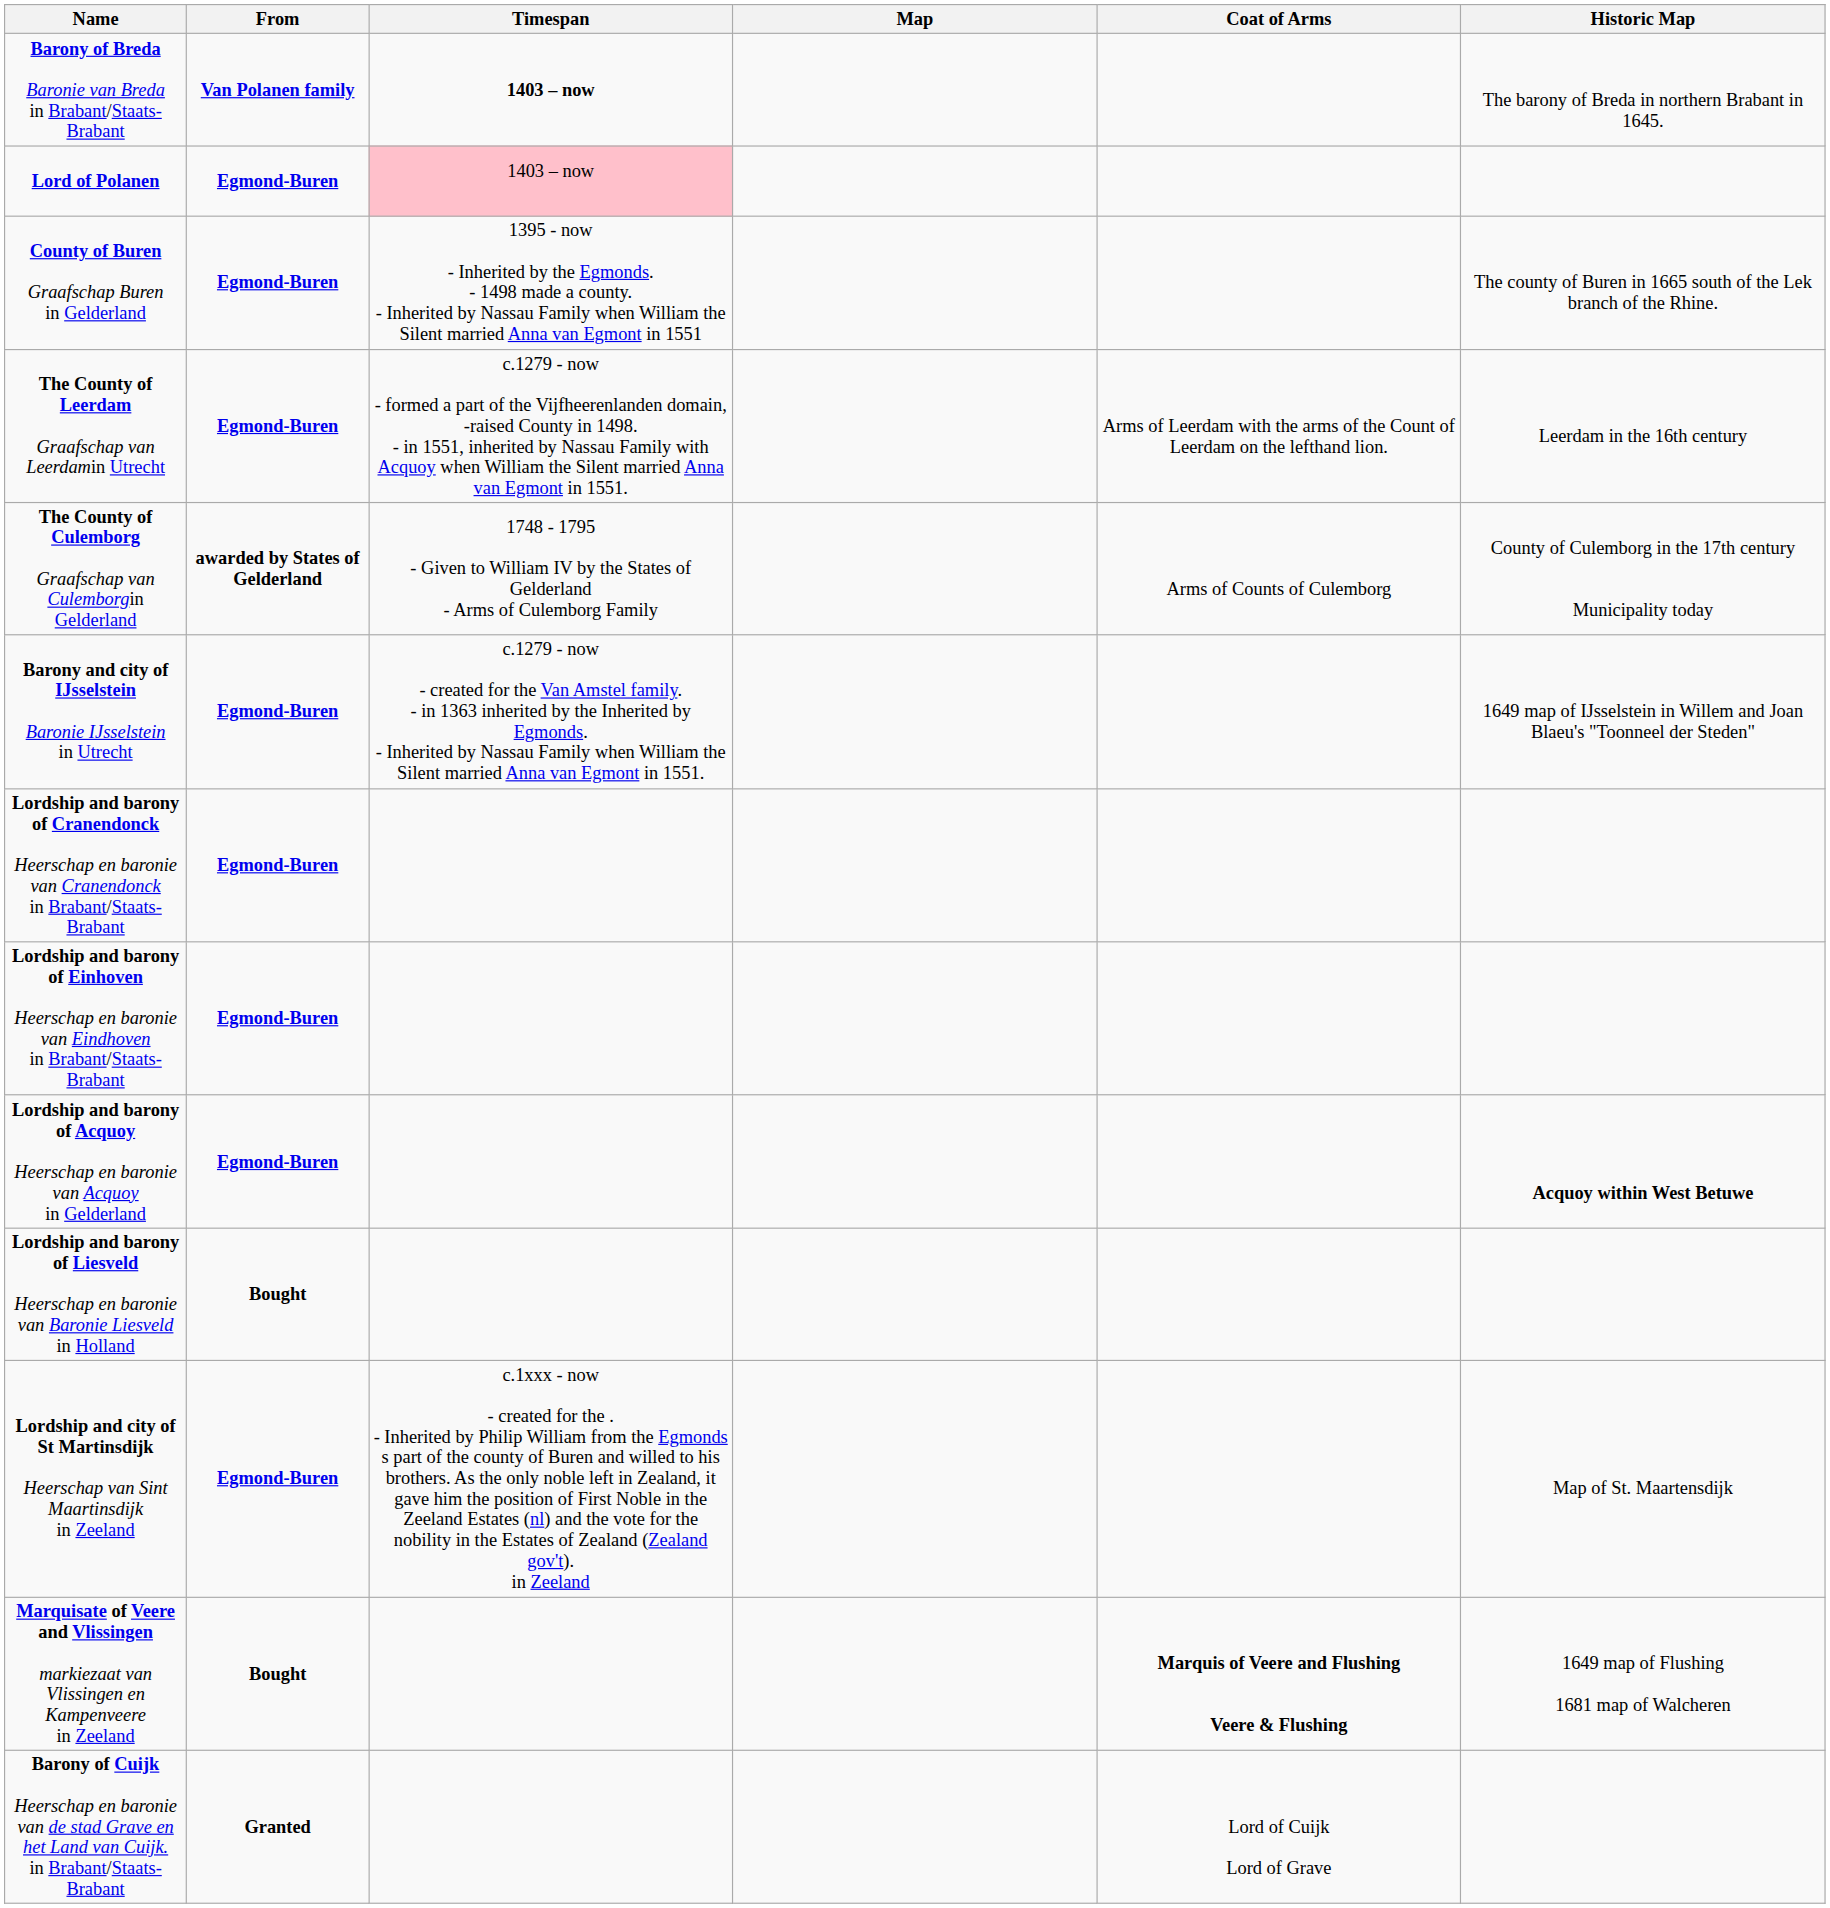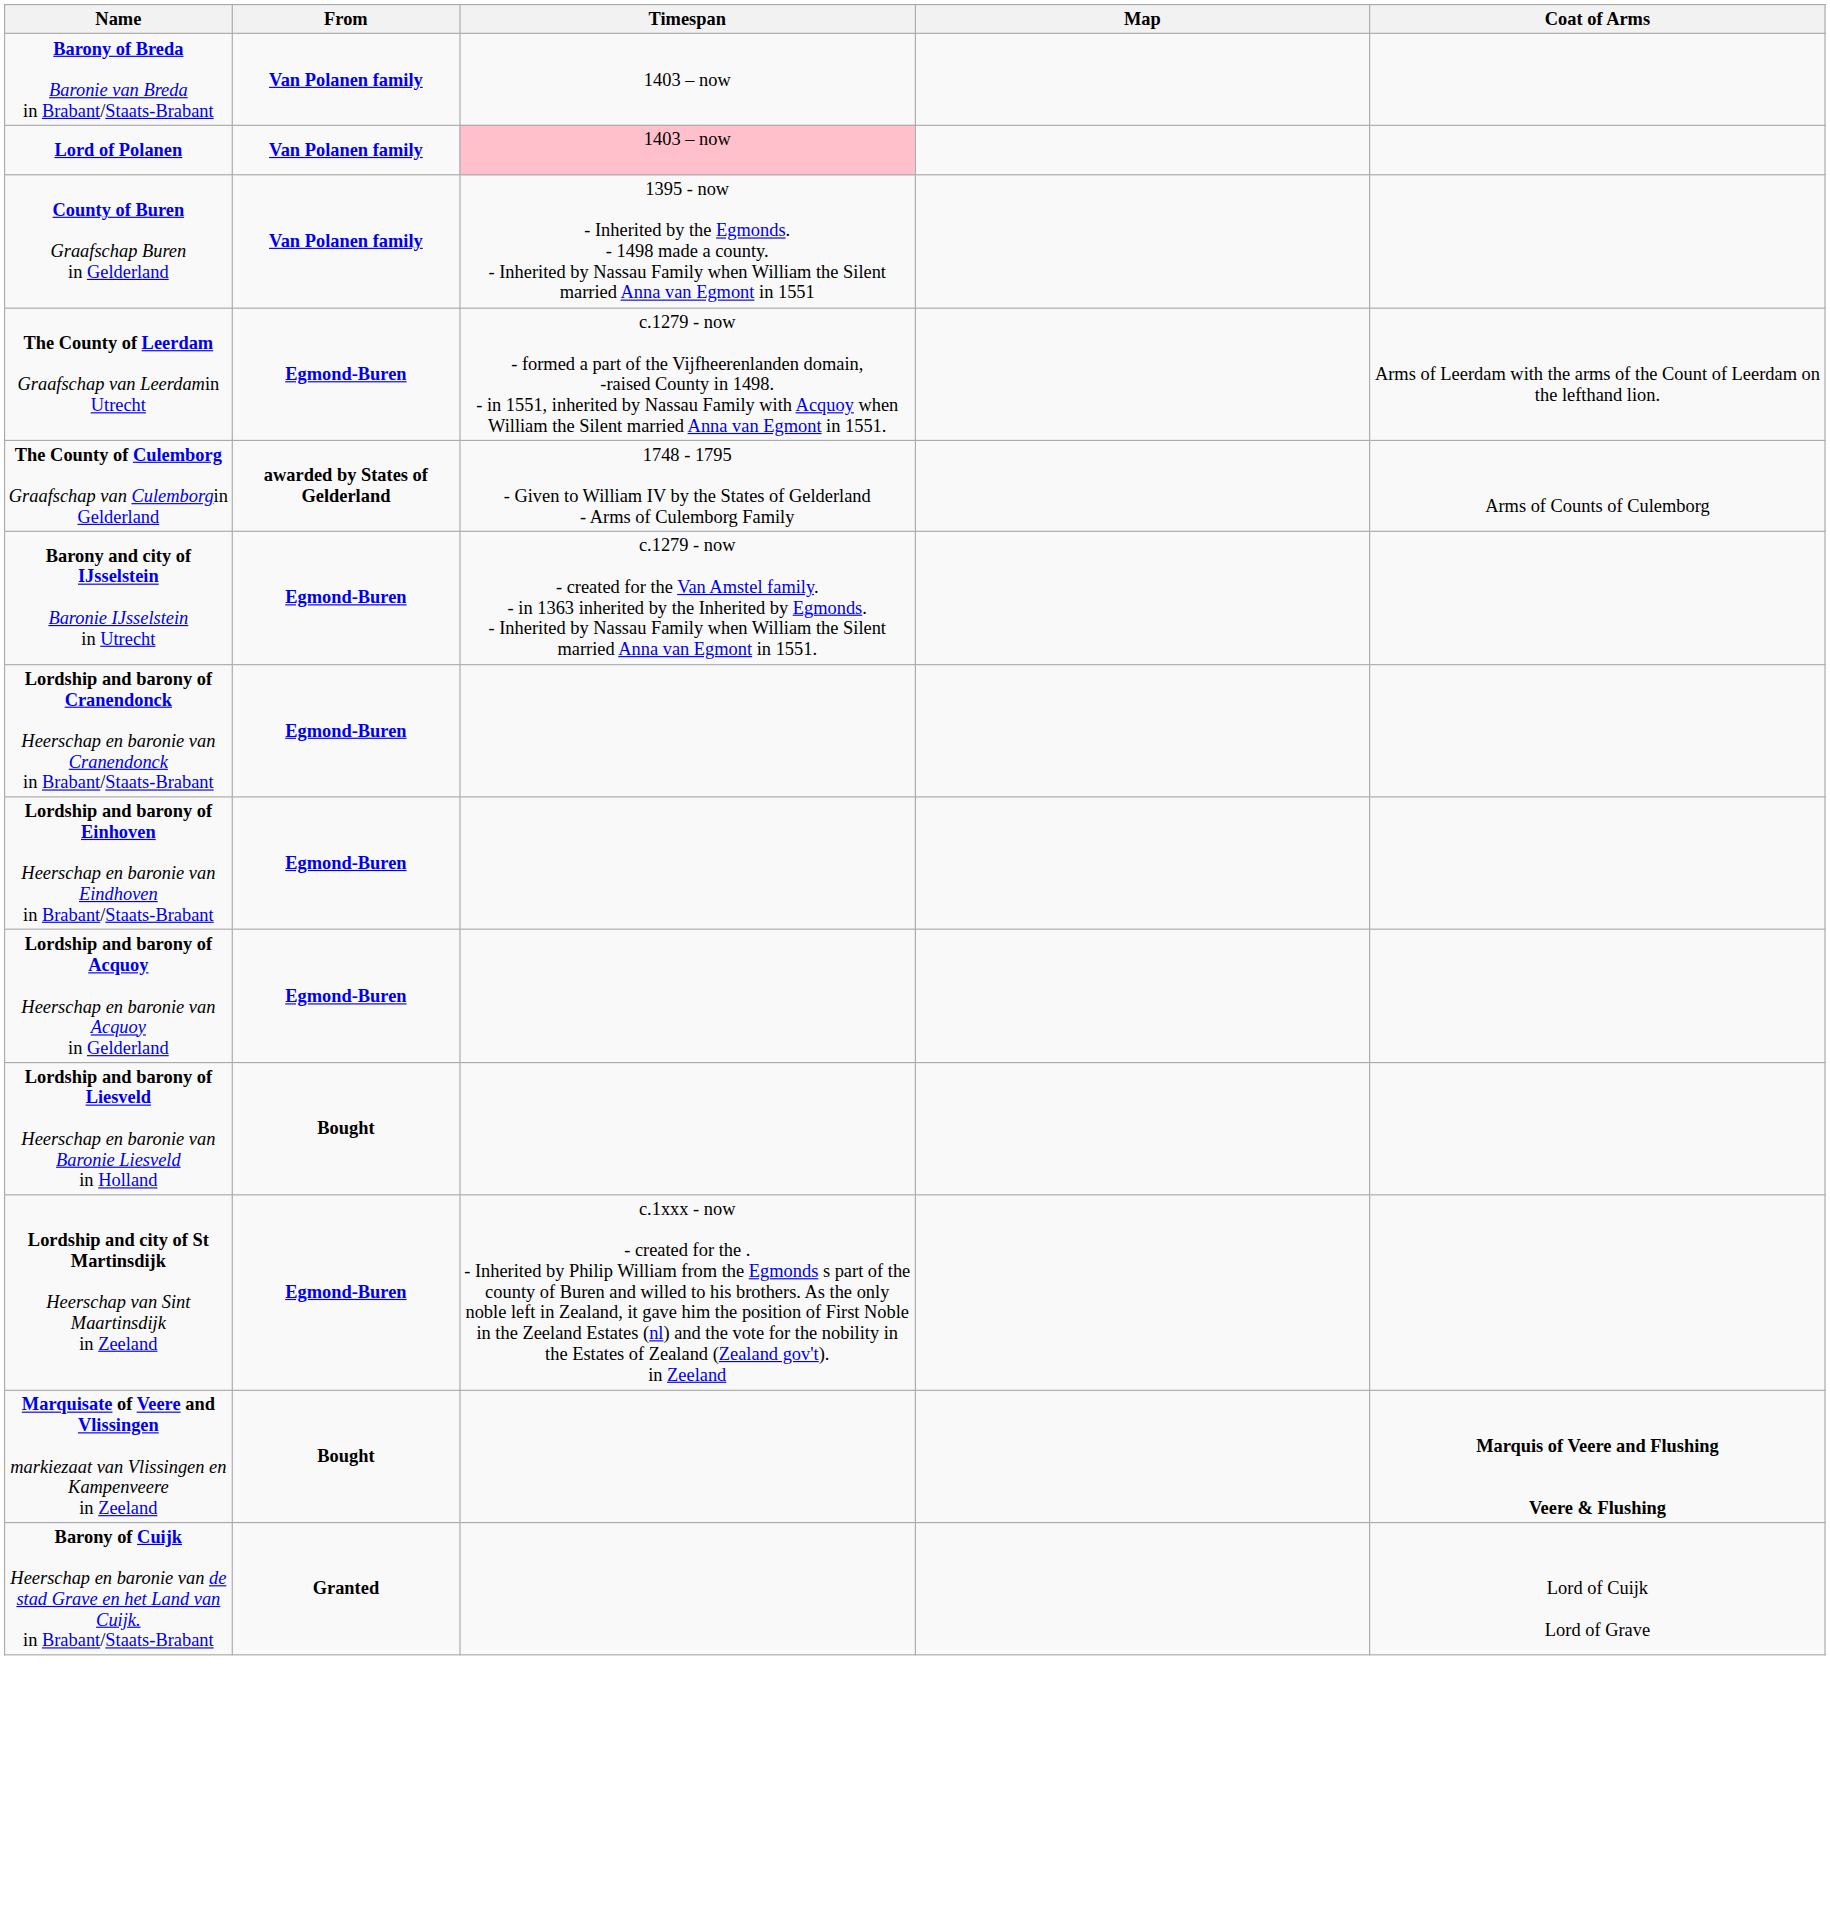 <table class="wikitable" style="text-align:center; width:100%">
 <tr>
 <th width=10%>Name</th>
 <th width=10%>From</th>
 <th width=20%>Timespan</th>
 <th width=20%>Map</th>
 <th width=20%>Coat of Arms</th>
-<th width=20%>Historic Map</th>
 </tr>
 <tr>
 <td><strong><a href='#'>Barony of Breda</a></strong><br><br><em><a href='#'>Baronie van Breda</a></em><br>in <a href='#'>Brabant</a>/<a href='#'>Staats-Brabant</a></td>
 <td><strong><a href='#'>Van Polanen family</a></strong></td>
-<td><strong>1403 – now<br></strong></td>
+<td>1403 – now<br></td>
 <td></td>
 <td><br></td>
-<td><br><br>The barony of Breda in northern Brabant in 1645.</td>
 </tr>
 <tr>
 <td><strong><a href='#'>Lord of Polanen</a></strong></td>
-<td><strong><a href='#'>Egmond-Buren</a></strong></td>
+<td><strong><a href='#'>Van Polanen family</a></strong></td>
 <td style="background: pink;">1403 – now<br><br></td>
 <td></td>
 <td><br></td>
-<td><br><br><br> </td>
 </tr>
 <tr>
 <td><strong><a href='#'>County of Buren</a></strong><br><br><em>Graafschap Buren</em><br>in <a href='#'>Gelderland</a></td>
-<td><strong><a href='#'>Egmond-Buren</a></strong></td>
+<td><strong><a href='#'>Van Polanen family</a></strong></td>
 <td>1395 - now<br><br>- Inherited by the <a href='#'>Egmonds</a>. <br>- 1498 made a county. <br>- Inherited by Nassau Family when William the Silent married <a href='#'>Anna van Egmont</a> in 1551</td>
 <td></td>
 <td></td>
-<td><br>The county of Buren in 1665 south of the Lek branch of the Rhine.</td>
 </tr>
 <tr>
 <td><strong>The County of <a href='#'>Leerdam</a></strong><br><br><em>Graafschap van Leerdam</em>in <a href='#'>Utrecht</a></td>
 <td><strong><a href='#'>Egmond-Buren</a></strong></td>
 <td>c.1279 - now<br><br>- formed a part of the Vijfheerenlanden domain, <br> -raised County in 1498. <br>- in 1551, inherited by Nassau Family with <a href='#'>Acquoy</a> when William the Silent married <a href='#'>Anna van Egmont</a> in 1551.</td>
 <td></td>
 <td><br>Arms of Leerdam with the arms of the Count of Leerdam on the lefthand lion.</td>
-<td><br>Leerdam in the 16th century</td>
 </tr>
 <tr>
 <td><strong>The County of <a href='#'>Culemborg</a></strong><br><br><em>Graafschap van <a href='#'>Culemborg</a></em>in <a href='#'>Gelderland</a></td>
 <td><strong>awarded by States of Gelderland</strong></td>
 <td>1748 - 1795<br><br>- Given to William IV by the States of Gelderland<br> - Arms of Culemborg Family </td>
 <td></td>
 <td> <br> <br>Arms of Counts of Culemborg</td>
-<td><br>County of Culemborg in the 17th century <br><br> <br> Municipality today</td>
 </tr>
 <tr>
 <td><strong>Barony and city of <a href='#'>IJsselstein</a></strong><br><br><em><a href='#'>Baronie IJsselstein</a></em><br> in <a href='#'>Utrecht</a></td>
 <td><strong><a href='#'>Egmond-Buren</a></strong></td>
 <td>c.1279 - now<br><br>- created for the <a href='#'>Van Amstel family</a>. <br>- in 1363 inherited by the Inherited by <a href='#'>Egmonds</a>. <br>- Inherited by Nassau Family when William the Silent married <a href='#'>Anna van Egmont</a> in 1551.</td>
 <td></td>
 <td><br></td>
-<td><br>1649 map of IJsselstein in Willem and Joan Blaeu's "Toonneel der Steden"</td>
 </tr>
 <tr>
 <td><strong>Lordship and barony of <a href='#'>Cranendonck</a></strong><br><br><em>Heerschap en baronie van <a href='#'>Cranendonck</a></em><br> in <a href='#'>Brabant</a>/<a href='#'>Staats-Brabant</a></td>
 <td><strong><a href='#'>Egmond-Buren</a></strong></td>
 <td></td>
 <td></td>
 <td><br></td>
-<td></td>
 </tr>
 <tr>
 <td><strong>Lordship and barony of <a href='#'>Einhoven</a></strong><br><br><em>Heerschap en baronie van <a href='#'>Eindhoven</a></em><br> in <a href='#'>Brabant</a>/<a href='#'>Staats-Brabant</a></td>
 <td><strong><a href='#'>Egmond-Buren</a></strong></td>
 <td></td>
 <td></td>
 <td><br></td>
-<td></td>
 </tr>
 <tr>
 <td><strong>Lordship and barony of <a href='#'>Acquoy</a></strong><br><br><em>Heerschap en baronie van <a href='#'>Acquoy</a></em><br> in <a href='#'>Gelderland</a></td>
 <td><strong><a href='#'>Egmond-Buren</a></strong></td>
 <td></td>
 <td></td>
 <td><br></td>
-<td><br><br><br><strong>Acquoy within West Betuwe</strong></td>
 </tr>
 <tr>
 <td><strong>Lordship and barony of <a href='#'>Liesveld</a></strong><br><br><em>Heerschap en baronie van <a href='#'>Baronie Liesveld</a></em><br> in <a href='#'>Holland</a></td>
 <td><strong>Bought</strong></td>
 <td></td>
 <td></td>
 <td><br></td>
-<td></td>
 </tr>
 <tr>
 <td><strong>Lordship and city of St Martinsdijk</strong><br><br><em>Heerschap van Sint Maartinsdijk</em><br> in <a href='#'>Zeeland</a></td>
 <td><strong><a href='#'>Egmond-Buren</a></strong></td>
 <td>c.1xxx - now<br><br>- created for the . <br>- Inherited by Philip William from the <a href='#'>Egmonds</a> s part of the county of Buren and willed to his brothers. As the only noble left in Zealand, it gave him the position of First Noble in the Zeeland Estates (<a href='#'>nl</a>) and the vote for the nobility in the Estates of Zealand (<a href='#'>Zealand gov't</a>).<br> in <a href='#'>Zeeland</a></td>
 <td></td>
 <td><br></td>
-<td><br>Map of St. Maartensdijk</td>
 </tr>
 <tr>
 <td><strong><a href='#'>Marquisate</a> of <a href='#'>Veere</a> and <a href='#'>Vlissingen</a></strong><br><br><em>markiezaat van Vlissingen en Kampenveere</em><br> in <a href='#'>Zeeland</a></td>
 <td><strong>Bought</strong></td>
 <td></td>
 <td></td>
 <td><br><br><strong>Marquis of Veere and Flushing</strong><br><br> <br><strong>Veere & Flushing</strong></td>
-<td><br>1649 map of Flushing <br><br>1681 map of Walcheren</td>
 </tr>
 <tr>
 <td><strong>Barony of <a href='#'>Cuijk</a></strong><br><br><em>Heerschap en baronie van <a href='#'>de stad Grave en het Land van Cuijk.</a></em><br> in <a href='#'>Brabant</a>/<a href='#'>Staats-Brabant</a></td>
 <td><strong>Granted</strong></td>
 <td></td>
 <td></td>
 <td><br><br>Lord of Cuijk<br> <br> Lord of Grave</td>
-<td></td>
 </tr>
 </table>
